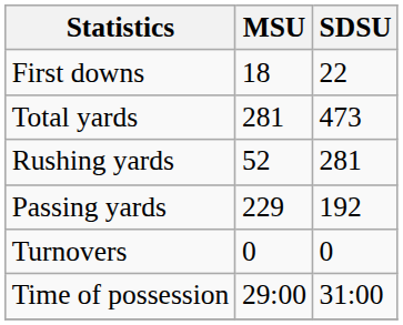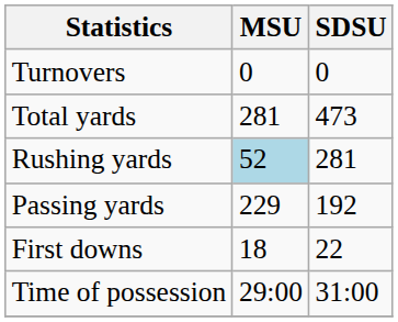 <table class="wikitable">
 <tr>
 <th>Statistics</th>
 <th>MSU</th>
 <th>SDSU</th>
 </tr>
 <tr>
-<td>First downs</td>
-<td>18</td>
-<td>22</td>
+<td>Turnovers</td>
+<td>0</td>
+<td>0</td>
 </tr>
 <tr>
 <td>Total yards</td>
 <td>281</td>
 <td>473</td>
 </tr>
 <tr>
 <td>Rushing yards</td>
-<td>52</td>
+<td style="background: lightblue;">52</td>
 <td>281</td>
 </tr>
 <tr>
 <td>Passing yards</td>
 <td>229</td>
 <td>192</td>
 </tr>
 <tr>
-<td>Turnovers</td>
-<td>0</td>
-<td>0</td>
+<td>First downs</td>
+<td>18</td>
+<td>22</td>
 </tr>
 <tr>
 <td>Time of possession</td>
 <td>29:00</td>
 <td>31:00</td>
 </tr>
 <tr>
 </tr>
 </table>
